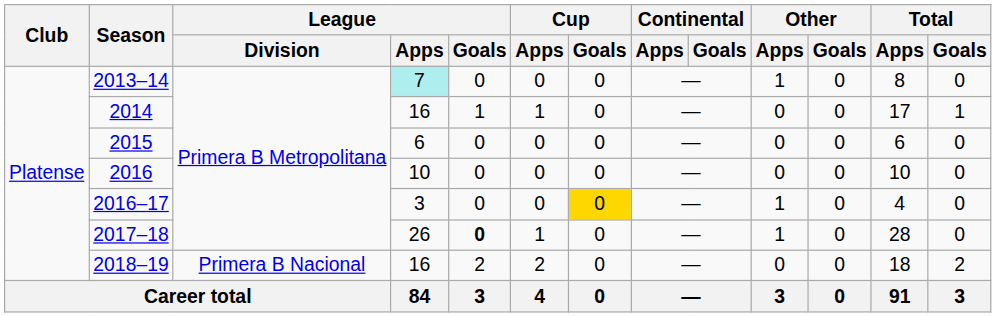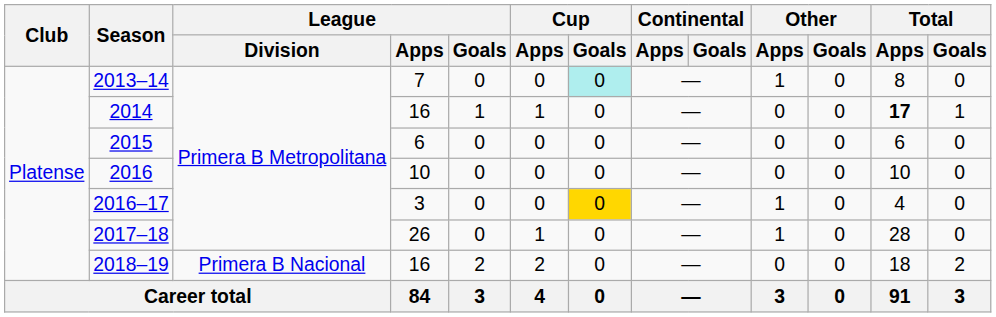 <table class="wikitable" style="text-align:center">
 <tr>
 <th rowspan="2">Club</th>
 <th rowspan="2">Season</th>
 <th colspan="3">League</th>
 <th colspan="2">Cup</th>
 <th colspan="2">Continental</th>
 <th colspan="2">Other</th>
 <th colspan="2">Total</th>
 </tr>
 <tr>
 <th>Division</th>
 <th>Apps</th>
 <th>Goals</th>
 <th>Apps</th>
 <th>Goals</th>
 <th>Apps</th>
 <th>Goals</th>
 <th>Apps</th>
 <th>Goals</th>
 <th>Apps</th>
 <th>Goals</th>
 </tr>
 <tr>
 <td rowspan="7"><a href='#'>Platense</a></td>
 <td><a href='#'>2013–14</a></td>
 <td rowspan="6"><a href='#'>Primera B Metropolitana</a></td>
-<td style="background: paleturquoise;">7</td>
+<td>7</td>
 <td>0</td>
 <td>0</td>
-<td>0</td>
+<td style="background: paleturquoise;">0</td>
 <td colspan="2">—</td>
 <td>1</td>
 <td>0</td>
 <td>8</td>
 <td>0</td>
 </tr>
 <tr>
 <td><a href='#'>2014</a></td>
 <td>16</td>
 <td>1</td>
 <td>1</td>
 <td>0</td>
 <td colspan="2">—</td>
 <td>0</td>
 <td>0</td>
-<td>17</td>
+<td><strong>17</strong></td>
 <td>1</td>
 </tr>
 <tr>
 <td><a href='#'>2015</a></td>
 <td>6</td>
 <td>0</td>
 <td>0</td>
 <td>0</td>
 <td colspan="2">—</td>
 <td>0</td>
 <td>0</td>
 <td>6</td>
 <td>0</td>
 </tr>
 <tr>
 <td><a href='#'>2016</a></td>
 <td>10</td>
 <td>0</td>
 <td>0</td>
 <td>0</td>
 <td colspan="2">—</td>
 <td>0</td>
 <td>0</td>
 <td>10</td>
 <td>0</td>
 </tr>
 <tr>
 <td><a href='#'>2016–17</a></td>
 <td>3</td>
 <td>0</td>
 <td>0</td>
 <td style="background: gold;">0</td>
 <td colspan="2">—</td>
 <td>1</td>
 <td>0</td>
 <td>4</td>
 <td>0</td>
 </tr>
 <tr>
 <td><a href='#'>2017–18</a></td>
 <td>26</td>
-<td><strong>0</strong></td>
+<td>0</td>
 <td>1</td>
 <td>0</td>
 <td colspan="2">—</td>
 <td>1</td>
 <td>0</td>
 <td>28</td>
 <td>0</td>
 </tr>
 <tr>
 <td><a href='#'>2018–19</a></td>
 <td rowspan="1"><a href='#'>Primera B Nacional</a></td>
 <td>16</td>
 <td>2</td>
 <td>2</td>
 <td>0</td>
 <td colspan="2">—</td>
 <td>0</td>
 <td>0</td>
 <td>18</td>
 <td>2</td>
 </tr>
 <tr>
 <th colspan="3">Career total</th>
 <th>84</th>
 <th>3</th>
 <th>4</th>
 <th>0</th>
 <th colspan="2">—</th>
 <th>3</th>
 <th>0</th>
 <th>91</th>
 <th>3</th>
 </tr>
 </table>
